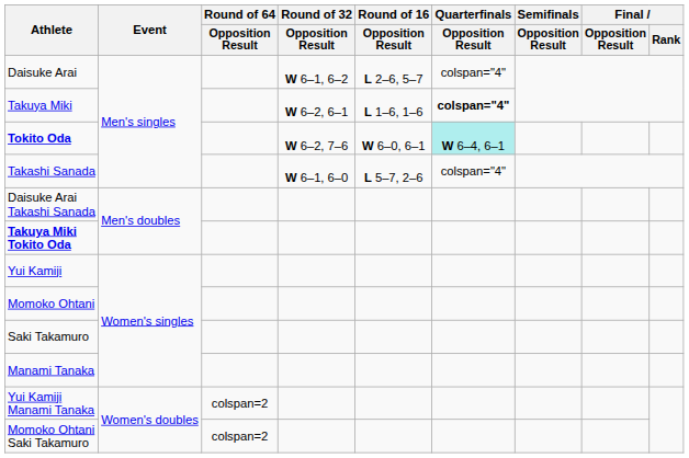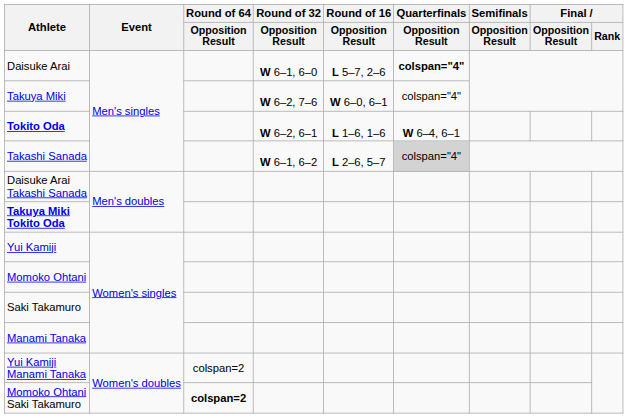 <table class="wikitable" style="font-size:90%;">
 <tr>
 <th rowspan=2>Athlete</th>
 <th rowspan=2>Event</th>
 <th>Round of 64</th>
 <th>Round of 32</th>
 <th>Round of 16</th>
 <th>Quarterfinals</th>
 <th>Semifinals</th>
 <th colspan=2>Final / </th>
 </tr>
 <tr style="font-size:95%">
 <th>Opposition<br>Result</th>
 <th>Opposition<br>Result</th>
 <th>Opposition<br>Result</th>
 <th>Opposition<br>Result</th>
 <th>Opposition<br>Result</th>
 <th>Opposition<br>Result</th>
 <th>Rank</th>
 </tr>
 <tr align=center>
 <td align=left>Daisuke Arai</td>
 <td align=left rowspan=4><a href='#'>Men's singles</a></td>
 <td></td>
-<td><br><strong>W</strong> 6–1, 6–2</td>
-<td><br><strong>L</strong> 2–6, 5–7</td>
-<td>colspan="4" </td>
+<td><br><strong>W</strong> 6–1, 6–0</td>
+<td><br><strong>L</strong> 5–7, 2–6</td>
+<td><strong>colspan="4" </strong></td>
 </tr>
 <tr align=center>
 <td align=left><a href='#'>Takuya Miki</a></td>
 <td></td>
-<td><br><strong>W</strong> 6–2, 6–1</td>
-<td><br><strong>L</strong> 1–6, 1–6</td>
-<td><strong>colspan="4" </strong></td>
+<td><br><strong>W</strong> 6–2, 7–6</td>
+<td><br><strong>W</strong> 6–0, 6–1</td>
+<td>colspan="4" </td>
 </tr>
 <tr align=center>
 <td align=left><strong><a href='#'>Tokito Oda</a></strong></td>
 <td></td>
-<td><br><strong>W</strong> 6–2, 7–6</td>
-<td><br><strong>W</strong> 6–0, 6–1</td>
-<td style="background: paleturquoise;"><br><strong>W</strong> 6–4, 6–1</td>
+<td><br><strong>W</strong> 6–2, 6–1</td>
+<td><br><strong>L</strong> 1–6, 1–6</td>
+<td><br><strong>W</strong> 6–4, 6–1</td>
 <td></td>
 <td></td>
 <td></td>
 </tr>
 <tr align=center>
 <td align=left><a href='#'>Takashi Sanada</a></td>
 <td></td>
-<td><br><strong>W</strong> 6–1, 6–0</td>
-<td><br><strong>L</strong> 5–7, 2–6</td>
-<td>colspan="4" </td>
+<td><br><strong>W</strong> 6–1, 6–2</td>
+<td><br><strong>L</strong> 2–6, 5–7</td>
+<td style="background: lightgrey;">colspan="4" </td>
 </tr>
 <tr align=center>
 <td align=left>Daisuke Arai<br><a href='#'>Takashi Sanada</a></td>
 <td align=left rowspan=2><a href='#'>Men's doubles</a></td>
 <td></td>
 <td></td>
 <td></td>
 <td></td>
 <td></td>
 <td></td>
 <td></td>
 </tr>
 <tr align=center>
 <td align=left><strong><a href='#'>Takuya Miki</a><br><a href='#'>Tokito Oda</a></strong></td>
 <td></td>
 <td></td>
 <td></td>
 <td></td>
 <td></td>
 <td></td>
 <td></td>
 </tr>
 <tr align=center>
 <td align=left><a href='#'>Yui Kamiji</a></td>
 <td align=left rowspan=4><a href='#'>Women's singles</a></td>
 <td></td>
 <td><br> </td>
 <td></td>
 <td></td>
 <td></td>
 <td></td>
 <td></td>
 </tr>
 <tr align=center>
 <td align=left><a href='#'>Momoko Ohtani</a></td>
 <td></td>
 <td><br> </td>
 <td></td>
 <td></td>
 <td></td>
 <td></td>
 <td></td>
 </tr>
 <tr align=center>
 <td align=left>Saki Takamuro</td>
 <td></td>
 <td><br> </td>
 <td></td>
 <td></td>
 <td></td>
 <td></td>
 <td></td>
 </tr>
 <tr align=center>
 <td align=left><a href='#'>Manami Tanaka</a></td>
 <td></td>
 <td><br> </td>
 <td></td>
 <td></td>
 <td></td>
 <td></td>
 <td></td>
 </tr>
 <tr align=center>
 <td align=left><a href='#'>Yui Kamiji</a><br><a href='#'>Manami Tanaka</a></td>
 <td align=left rowspan=2><a href='#'>Women's doubles</a></td>
 <td>colspan=2</td>
 <td></td>
 <td></td>
 <td></td>
 <td></td>
 <td></td>
 </tr>
 <tr align=center>
 <td align=left><a href='#'>Momoko Ohtani</a><br>Saki Takamuro</td>
-<td>colspan=2</td>
+<td><strong>colspan=2</strong></td>
 <td><br> </td>
 <td></td>
 <td></td>
 <td></td>
 <td></td>
 </tr>
 </table>
